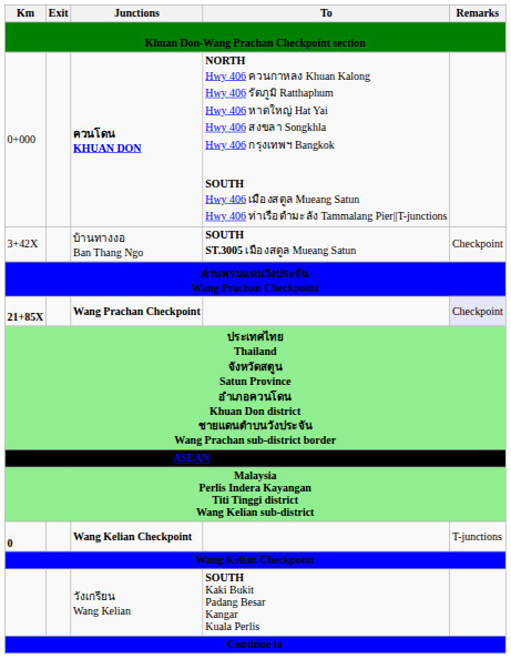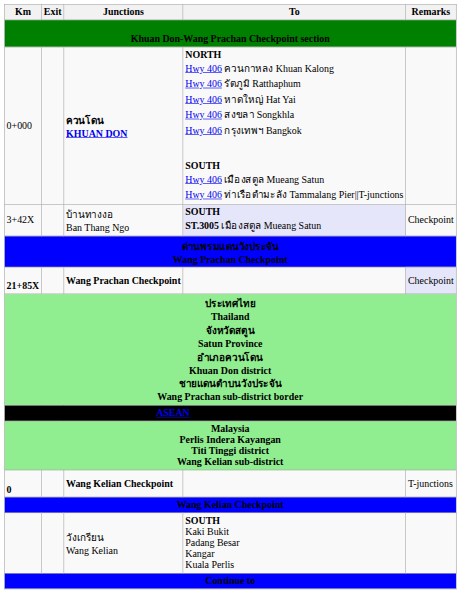 <table class="wikitable">
 <tr>
 <th>Km</th>
 <th>Exit</th>
 <th>Junctions</th>
 <th>To</th>
 <th>Remarks</th>
 </tr>
 <tr>
 <td colspan="6" style="width:600px; text-align:center; background:green;"><strong><br><span>Khuan Don-Wang Prachan Checkpoint section</span></strong></td>
 </tr>
 <tr>
 <td>0+000</td>
 <td></td>
 <td><strong>ควนโดน</strong><br><strong><a href='#'>KHUAN DON</a></strong></td>
 <td><strong>NORTH</strong><br> <a href='#'>Hwy 406</a> ควนกาหลง Khuan Kalong<br> <a href='#'>Hwy 406</a> รัตภูมิ Ratthaphum<br> <a href='#'>Hwy 406</a> หาดใหญ่ Hat Yai<br> <a href='#'>Hwy 406</a> สงขลา Songkhla<br> <a href='#'>Hwy 406</a> กรุงเทพฯ Bangkok<br><br><br> <strong>SOUTH</strong><br> <a href='#'>Hwy 406</a> เมืองสตูล Mueang Satun<br> <a href='#'>Hwy 406</a> ท่าเรือตำมะลัง Tammalang Pier||T-junctions</td>
 </tr>
 <tr>
 <td>3+42X</td>
 <td></td>
 <td>บ้านทางงอ<br>Ban Thang Ngo</td>
-<td><strong>SOUTH</strong><br><strong>ST.3005</strong> เมืองสตูล Mueang Satun</td>
+<td style="background: lavender;"><strong>SOUTH</strong><br><strong>ST.3005</strong> เมืองสตูล Mueang Satun</td>
 <td>Checkpoint</td>
 </tr>
 <tr>
 <td colspan="6" style="width:600px; text-align:center; background:blue;"><strong><span>ด่านพรมแดนวังประจัน<br>Wang Prachan Checkpoint</span></strong></td>
 </tr>
 <tr>
 <td><br><strong>21+85X</strong></td>
 <td></td>
 <td><strong>Wang Prachan Checkpoint</strong></td>
 <td></td>
 <td style="background: lavender;">Checkpoint</td>
 </tr>
 <tr>
 <td colspan="6" style="width:600px; text-align:center; background:lightgreen;"><strong><span>ประเทศไทย<br>Thailand<br>จังหวัดสตูน<br>Satun Province<br>อำเภอควนโดน<br>Khuan Don district<br>ชายแดนตำบนวังประจัน<br>Wang Prachan sub-district border</span></strong></td>
 </tr>
 <tr>
 <td colspan="6" style="width:600px; text-align:center; background:black;"><strong><span><a href='#'>ASEAN</a> Thailand-Malaysia border</span></strong></td>
 </tr>
 <tr>
 <td colspan="6" style="width:600px; text-align:center; background:lightgreen;"><strong><span>Malaysia<br>Perlis Indera Kayangan<br>Titi Tinggi district<br>Wang Kelian sub-district </span></strong></td>
 </tr>
 <tr>
 <td><br><strong>0</strong></td>
 <td></td>
 <td><strong>Wang Kelian Checkpoint</strong></td>
 <td></td>
 <td>T-junctions</td>
 </tr>
 <tr>
 <td colspan="6" style="width:600px; text-align:center; background:blue;"><strong><span>Wang Kelian Checkpoint</span></strong></td>
 </tr>
 <tr>
 <td></td>
 <td></td>
 <td>วังเกรียน<br>Wang Kelian</td>
 <td><strong>SOUTH</strong><br> Kaki Bukit<br> Padang Besar<br> Kangar<br> Kuala Perlis</td>
 <td></td>
 </tr>
 <tr>
 <td colspan="6" style="width:600px; text-align:center; background:blue;"><strong><span>Continue to </span></strong></td>
 </tr>
 </table>
